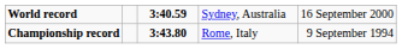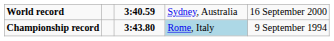 <table class="wikitable">
 <tr>
 <td><strong>World record</strong></td>
 <td style="padding-right:1em"></td>
 <td style="text-align:center;padding-left:1em; padding-right:1em;"><strong>3:40.59</strong></td>
 <td style="padding-right:1em"><a href='#'>Sydney</a>, Australia</td>
 <td align=right>16 September 2000</td>
 </tr>
 <tr>
 <td><strong>Championship record</strong></td>
 <td style="padding-right:1em"></td>
 <td style="text-align:center;padding-left:1em; padding-right:1em;"><strong>3:43.80</strong></td>
-<td style="padding-right:1em"><a href='#'>Rome</a>, Italy</td>
+<td style="background: lightblue; padding-right:1em"><a href='#'>Rome</a>, Italy</td>
 <td align=right>9 September 1994</td>
 </tr>
 </table>
